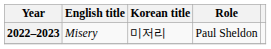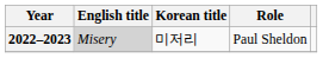 <table class="wikitable sortable plainrowheaders">
 <tr>
 <th scope="col">Year</th>
 <th scope="col">English title</th>
 <th scope="col">Korean title</th>
 <th scope="col">Role</th>
 <th scope="col" class="unsortable"></th>
 </tr>
 <tr>
 <th scope="row">2022–2023</th>
-<td><em>Misery</em></td>
+<td style="background: lightgrey;"><em>Misery</em></td>
 <td>미저리</td>
 <td>Paul Sheldon</td>
 <td></td>
 </tr>
 <tr>
 </tr>
 </table>
